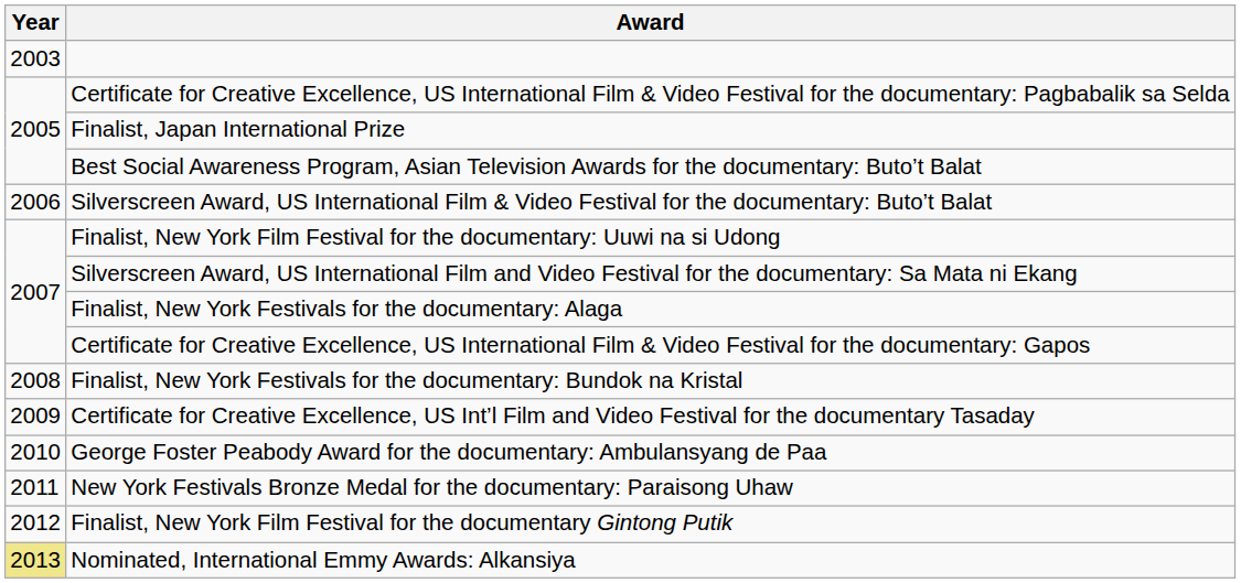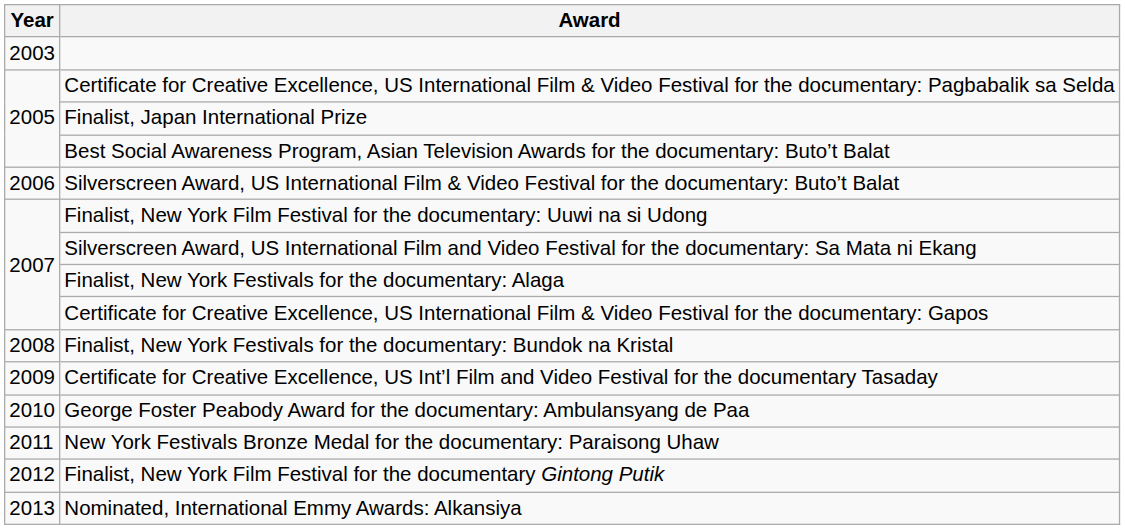 <table class="wikitable plainrowheaders">
 <tr>
 <th>Year</th>
 <th>Award</th>
 </tr>
 <tr>
 <td>2003</td>
 <td></td>
 </tr>
 <tr>
 <td rowspan="3">2005</td>
 <td>Certificate for Creative Excellence, US International Film & Video Festival for the documentary: Pagbabalik sa Selda</td>
 </tr>
 <tr>
 <td>Finalist, Japan International Prize</td>
 </tr>
 <tr>
 <td>Best Social Awareness Program, Asian Television Awards for the documentary: Buto’t Balat</td>
 </tr>
 <tr>
 <td>2006</td>
 <td>Silverscreen Award, US International Film & Video Festival for the documentary: Buto’t Balat</td>
 </tr>
 <tr>
 <td rowspan="4">2007</td>
 <td>Finalist, New York Film Festival for the documentary: Uuwi na si Udong</td>
 </tr>
 <tr>
 <td>Silverscreen Award, US International Film and Video Festival for the documentary: Sa Mata ni Ekang</td>
 </tr>
 <tr>
 <td>Finalist, New York Festivals for the documentary: Alaga</td>
 </tr>
 <tr>
 <td>Certificate for Creative Excellence, US International Film & Video Festival for the documentary: Gapos</td>
 </tr>
 <tr>
 <td>2008</td>
 <td>Finalist, New York Festivals for the documentary: Bundok na Kristal</td>
 </tr>
 <tr>
 <td>2009</td>
 <td>Certificate for Creative Excellence, US Int’l Film and Video Festival for the documentary Tasaday</td>
 </tr>
 <tr>
 <td>2010</td>
 <td>George Foster Peabody Award for the documentary: Ambulansyang de Paa</td>
 </tr>
 <tr>
 <td>2011</td>
 <td>New York Festivals Bronze Medal for the documentary: Paraisong Uhaw</td>
 </tr>
 <tr>
 <td>2012</td>
 <td>Finalist, New York Film Festival for the documentary <em>Gintong Putik</em> </td>
 </tr>
 <tr>
-<td style="background: khaki;">2013</td>
+<td>2013</td>
 <td>Nominated, International Emmy Awards: Alkansiya</td>
 </tr>
 </table>
